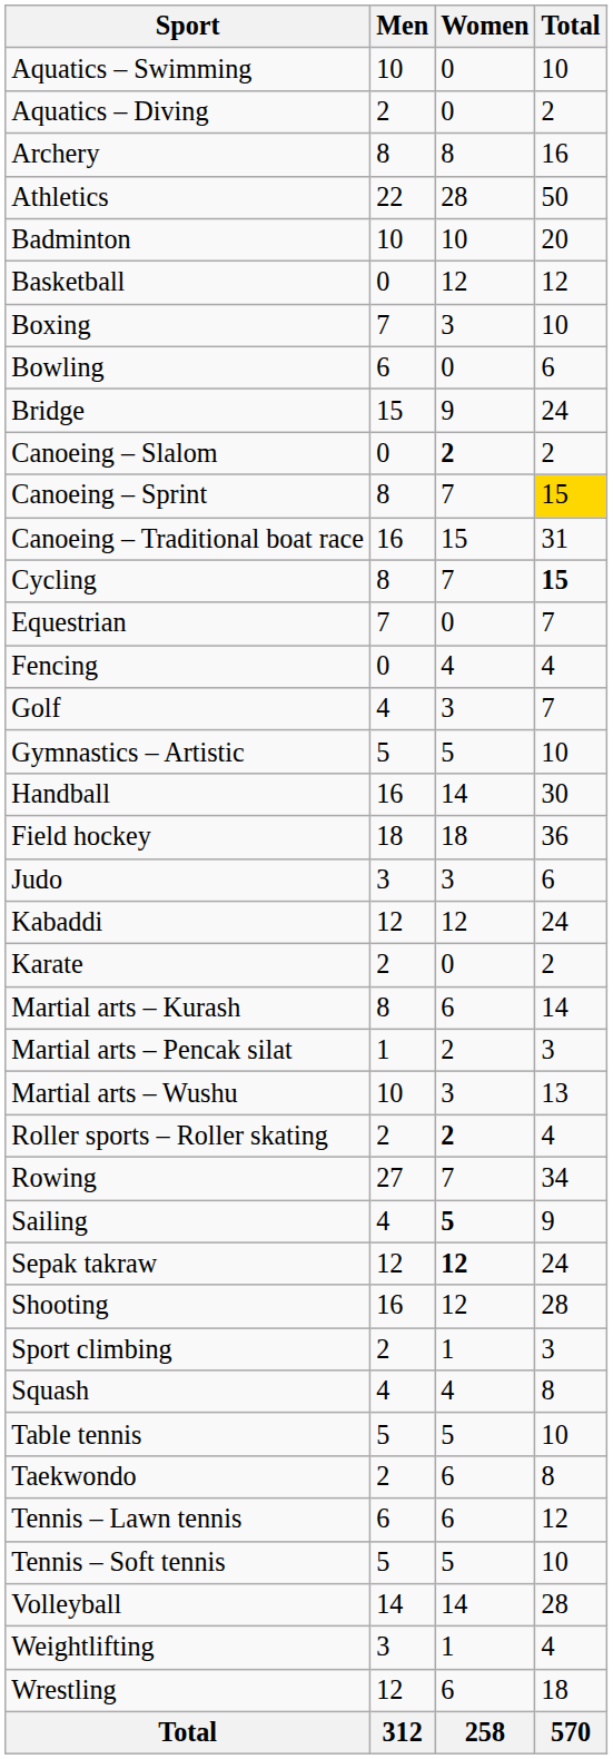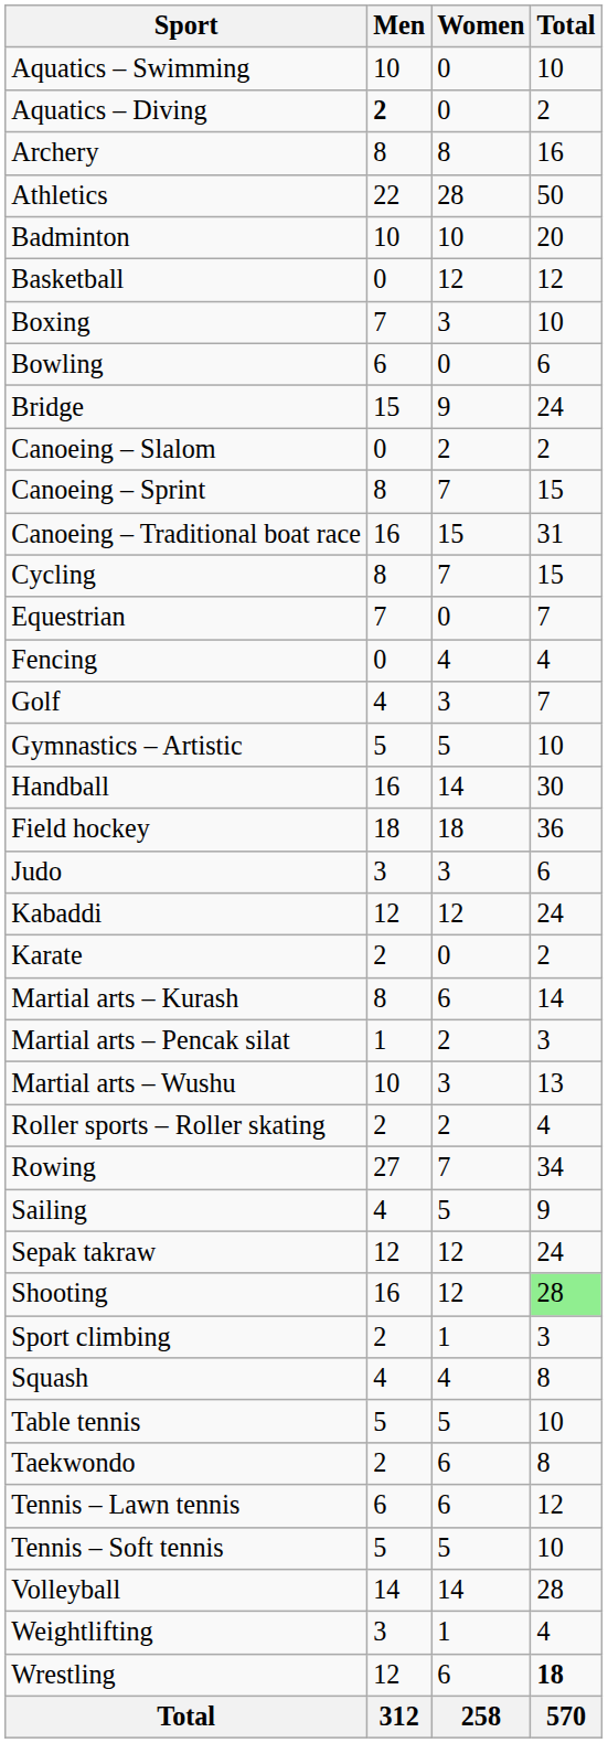 <table class="wikitable sortable">
 <tr>
 <th>Sport</th>
 <th>Men</th>
 <th>Women</th>
 <th>Total</th>
 </tr>
 <tr>
 <td>Aquatics – Swimming</td>
 <td>10</td>
 <td>0</td>
 <td>10</td>
 </tr>
 <tr>
 <td>Aquatics – Diving</td>
-<td>2</td>
+<td><strong>2</strong></td>
 <td>0</td>
 <td>2</td>
 </tr>
 <tr>
 <td>Archery</td>
 <td>8</td>
 <td>8</td>
 <td>16</td>
 </tr>
 <tr>
 <td>Athletics</td>
 <td>22</td>
 <td>28</td>
 <td>50</td>
 </tr>
 <tr>
 <td>Badminton</td>
 <td>10</td>
 <td>10</td>
 <td>20</td>
 </tr>
 <tr>
 <td>Basketball</td>
 <td>0</td>
 <td>12</td>
 <td>12</td>
 </tr>
 <tr>
 <td>Boxing</td>
 <td>7</td>
 <td>3</td>
 <td>10</td>
 </tr>
 <tr>
 <td>Bowling</td>
 <td>6</td>
 <td>0</td>
 <td>6</td>
 </tr>
 <tr>
 <td>Bridge</td>
 <td>15</td>
 <td>9</td>
 <td>24</td>
 </tr>
 <tr>
 <td>Canoeing – Slalom</td>
 <td>0</td>
-<td><strong>2</strong></td>
+<td>2</td>
 <td>2</td>
 </tr>
 <tr>
 <td>Canoeing – Sprint</td>
 <td>8</td>
 <td>7</td>
-<td style="background: gold;">15</td>
+<td>15</td>
 </tr>
 <tr>
 <td>Canoeing – Traditional boat race</td>
 <td>16</td>
 <td>15</td>
 <td>31</td>
 </tr>
 <tr>
 <td>Cycling</td>
 <td>8</td>
 <td>7</td>
-<td><strong>15</strong></td>
+<td>15</td>
 </tr>
 <tr>
 <td>Equestrian</td>
 <td>7</td>
 <td>0</td>
 <td>7</td>
 </tr>
 <tr>
 <td>Fencing</td>
 <td>0</td>
 <td>4</td>
 <td>4</td>
 </tr>
 <tr>
 <td>Golf</td>
 <td>4</td>
 <td>3</td>
 <td>7</td>
 </tr>
 <tr>
 <td>Gymnastics – Artistic</td>
 <td>5</td>
 <td>5</td>
 <td>10</td>
 </tr>
 <tr>
 <td>Handball</td>
 <td>16</td>
 <td>14</td>
 <td>30</td>
 </tr>
 <tr>
 <td>Field hockey</td>
 <td>18</td>
 <td>18</td>
 <td>36</td>
 </tr>
 <tr>
 <td>Judo</td>
 <td>3</td>
 <td>3</td>
 <td>6</td>
 </tr>
 <tr>
 <td>Kabaddi</td>
 <td>12</td>
 <td>12</td>
 <td>24</td>
 </tr>
 <tr>
 <td>Karate</td>
 <td>2</td>
 <td>0</td>
 <td>2</td>
 </tr>
 <tr>
 <td>Martial arts – Kurash</td>
 <td>8</td>
 <td>6</td>
 <td>14</td>
 </tr>
 <tr>
 <td>Martial arts – Pencak silat</td>
 <td>1</td>
 <td>2</td>
 <td>3</td>
 </tr>
 <tr>
 <td>Martial arts – Wushu</td>
 <td>10</td>
 <td>3</td>
 <td>13</td>
 </tr>
 <tr>
 <td>Roller sports – Roller skating</td>
 <td>2</td>
-<td><strong>2</strong></td>
+<td>2</td>
 <td>4</td>
 </tr>
 <tr>
 <td>Rowing</td>
 <td>27</td>
 <td>7</td>
 <td>34</td>
 </tr>
 <tr>
 <td>Sailing</td>
 <td>4</td>
-<td><strong>5</strong></td>
+<td>5</td>
 <td>9</td>
 </tr>
 <tr>
 <td>Sepak takraw</td>
 <td>12</td>
-<td><strong>12</strong></td>
+<td>12</td>
 <td>24</td>
 </tr>
 <tr>
 <td>Shooting</td>
 <td>16</td>
 <td>12</td>
-<td>28</td>
+<td style="background: lightgreen;">28</td>
 </tr>
 <tr>
 <td>Sport climbing</td>
 <td>2</td>
 <td>1</td>
 <td>3</td>
 </tr>
 <tr>
 <td>Squash</td>
 <td>4</td>
 <td>4</td>
 <td>8</td>
 </tr>
 <tr>
 <td>Table tennis</td>
 <td>5</td>
 <td>5</td>
 <td>10</td>
 </tr>
 <tr>
 <td>Taekwondo</td>
 <td>2</td>
 <td>6</td>
 <td>8</td>
 </tr>
 <tr>
 <td>Tennis – Lawn tennis</td>
 <td>6</td>
 <td>6</td>
 <td>12</td>
 </tr>
 <tr>
 <td>Tennis – Soft tennis</td>
 <td>5</td>
 <td>5</td>
 <td>10</td>
 </tr>
 <tr>
 <td>Volleyball</td>
 <td>14</td>
 <td>14</td>
 <td>28</td>
 </tr>
 <tr>
 <td>Weightlifting</td>
 <td>3</td>
 <td>1</td>
 <td>4</td>
 </tr>
 <tr>
 <td>Wrestling</td>
 <td>12</td>
 <td>6</td>
-<td>18</td>
+<td><strong>18</strong></td>
 </tr>
 <tr>
 <th>Total</th>
 <th>312</th>
 <th>258</th>
 <th>570</th>
 </tr>
 </table>
